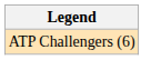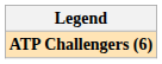 <table class="wikitable">
 <tr>
 <th>Legend</th>
 </tr>
 <tr bgcolor="moccasin">
-<td>ATP Challengers (6)</td>
+<td><strong>ATP Challengers (6)</strong></td>
 </tr>
 </table>
